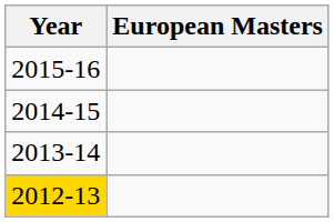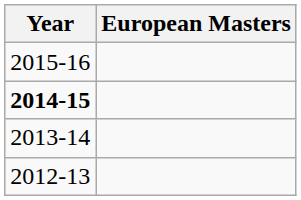 <table class="wikitable">
 <tr>
 <th>Year</th>
 <th>European Masters</th>
 </tr>
 <tr>
 <td>2015-16</td>
 <td></td>
 </tr>
 <tr>
-<td>2014-15</td>
+<td><strong>2014-15</strong></td>
 <td></td>
 </tr>
 <tr>
 <td>2013-14</td>
 <td></td>
 </tr>
 <tr>
-<td style="background: gold;">2012-13</td>
+<td>2012-13</td>
 <td></td>
 </tr>
 </table>
